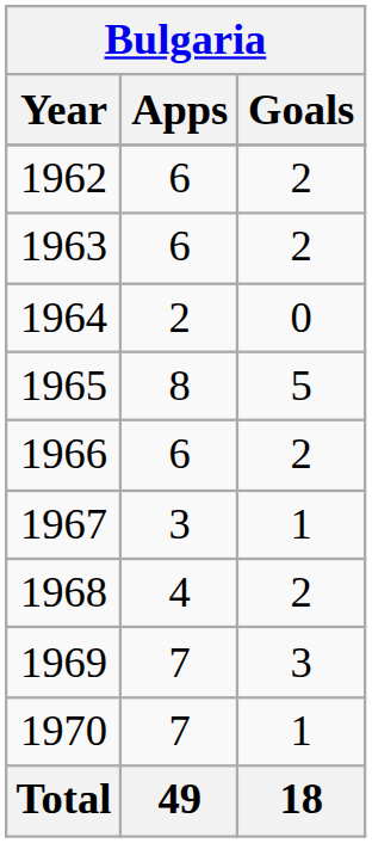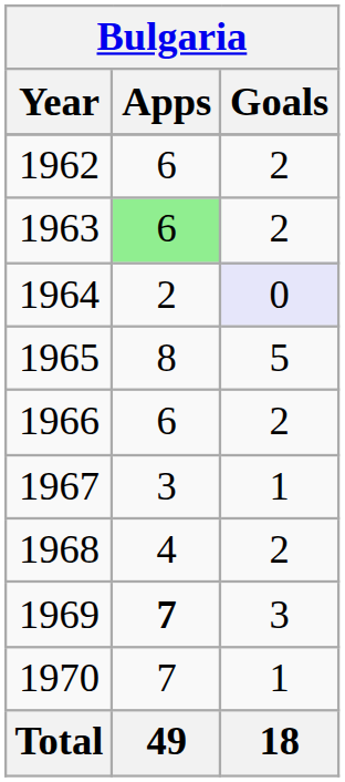 <table class="wikitable" style="text-align:center">
 <tr>
 <th colspan="3"><a href='#'>Bulgaria</a></th>
 </tr>
 <tr>
 <th>Year</th>
 <th>Apps</th>
 <th>Goals</th>
 </tr>
 <tr>
 </tr>
 <tr>
 <td>1962</td>
 <td>6</td>
 <td>2</td>
 </tr>
 <tr>
 <td>1963</td>
-<td>6</td>
+<td style="background: lightgreen;">6</td>
 <td>2</td>
 </tr>
 <tr>
 <td>1964</td>
 <td>2</td>
-<td>0</td>
+<td style="background: lavender;">0</td>
 </tr>
 <tr>
 <td>1965</td>
 <td>8</td>
 <td>5</td>
 </tr>
 <tr>
 <td>1966</td>
 <td>6</td>
 <td>2</td>
 </tr>
 <tr>
 <td>1967</td>
 <td>3</td>
 <td>1</td>
 </tr>
 <tr>
 <td>1968</td>
 <td>4</td>
 <td>2</td>
 </tr>
 <tr>
 <td>1969</td>
-<td>7</td>
+<td><strong>7</strong></td>
 <td>3</td>
 </tr>
 <tr>
 <td>1970</td>
 <td>7</td>
 <td>1</td>
 </tr>
 <tr>
 <th>Total</th>
 <th>49</th>
 <th>18</th>
 </tr>
 </table>
